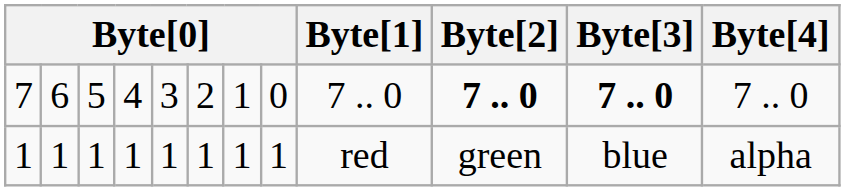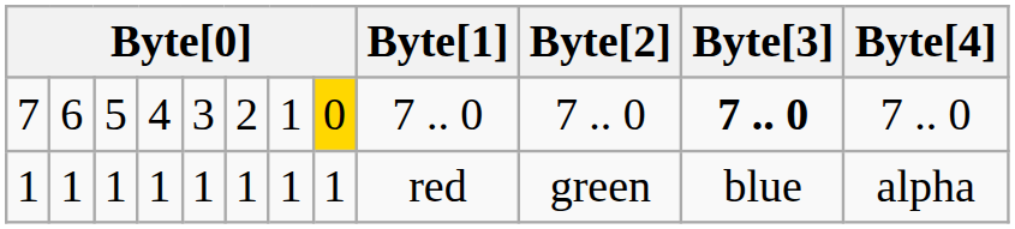 <table class="wikitable" style="text-align:center;">
 <tr>
 <th colspan="8">Byte[0]</th>
 <th>Byte[1]</th>
 <th>Byte[2]</th>
 <th>Byte[3]</th>
 <th>Byte[4]</th>
 </tr>
 <tr>
 <td>7</td>
 <td>6</td>
 <td>5</td>
 <td>4</td>
 <td>3</td>
 <td>2</td>
 <td>1</td>
-<td>0</td>
+<td style="background: gold;">0</td>
 <td>7 .. 0</td>
-<td><strong>7 .. 0</strong></td>
+<td>7 .. 0</td>
 <td><strong>7 .. 0</strong></td>
 <td>7 .. 0</td>
 </tr>
 <tr>
 <td>1</td>
 <td>1</td>
 <td>1</td>
 <td>1</td>
 <td>1</td>
 <td>1</td>
 <td>1</td>
 <td>1</td>
 <td>red</td>
 <td>green</td>
 <td>blue</td>
 <td>alpha</td>
 </tr>
 </table>
